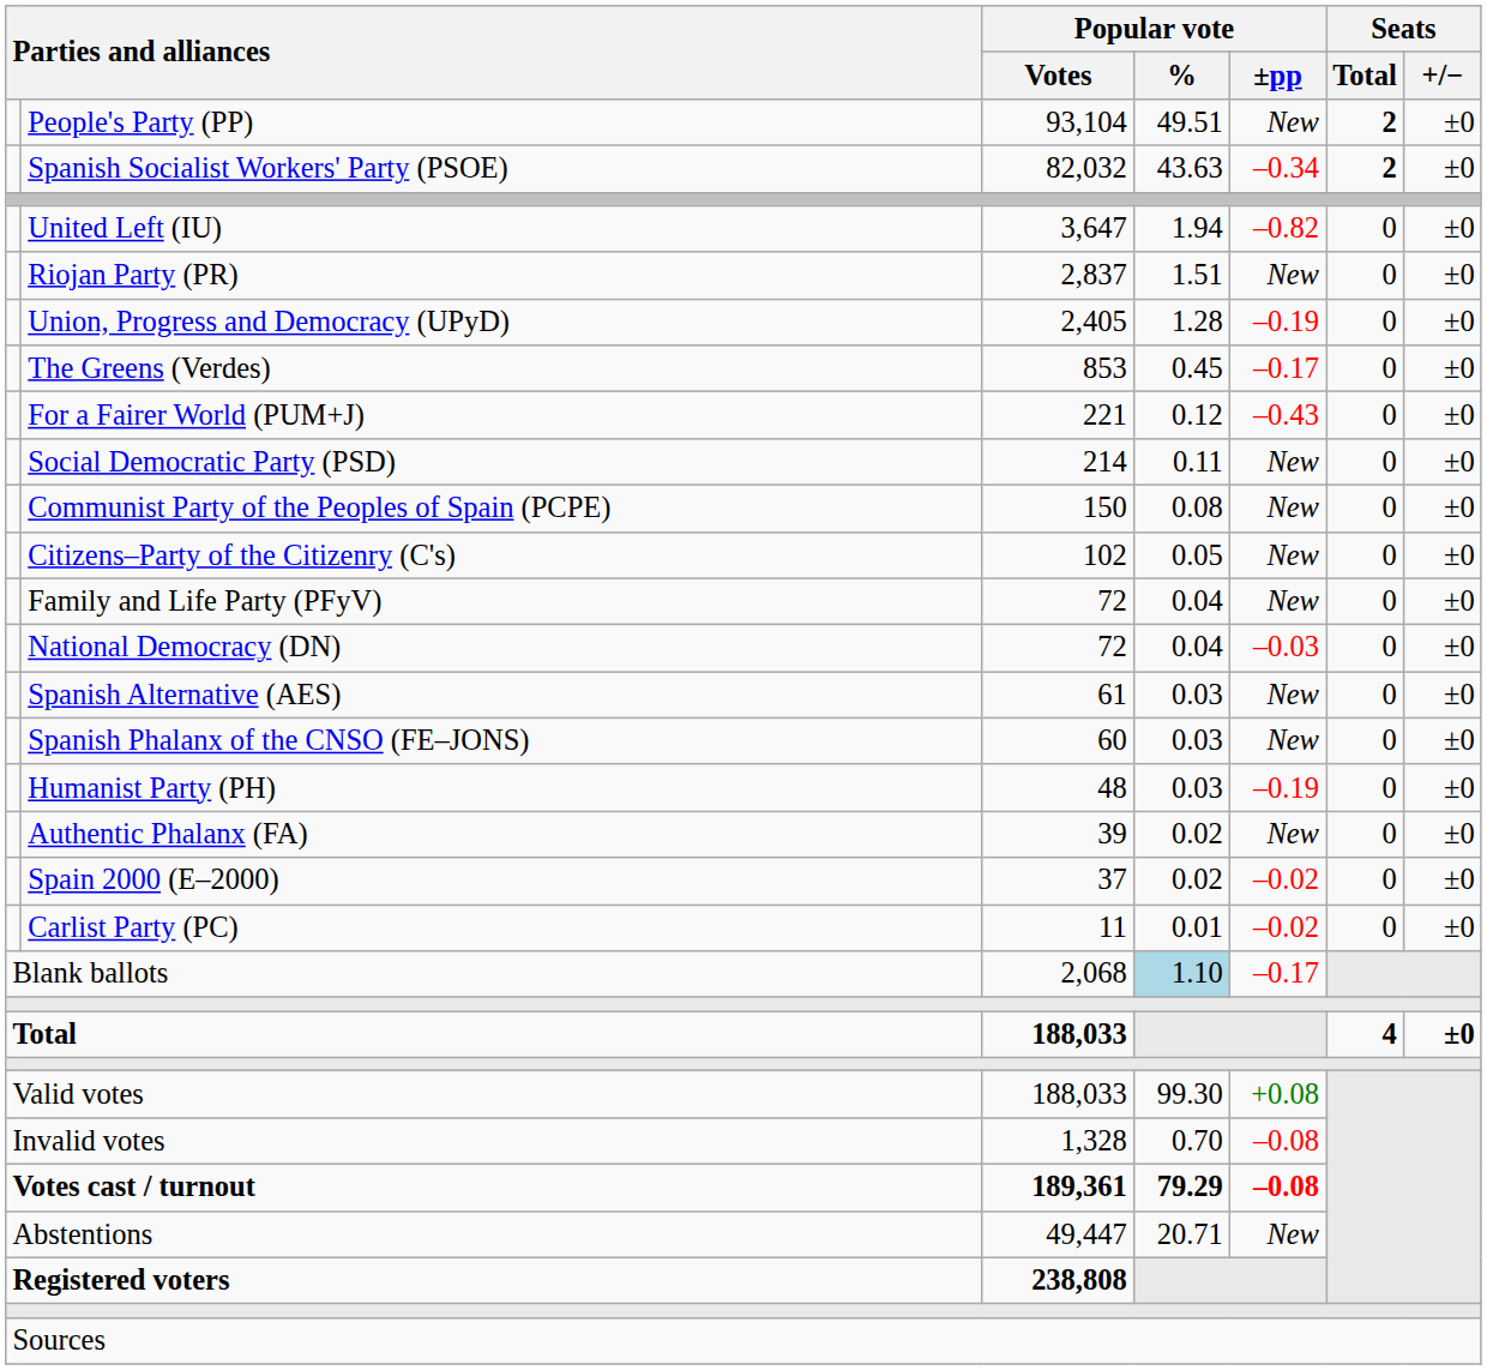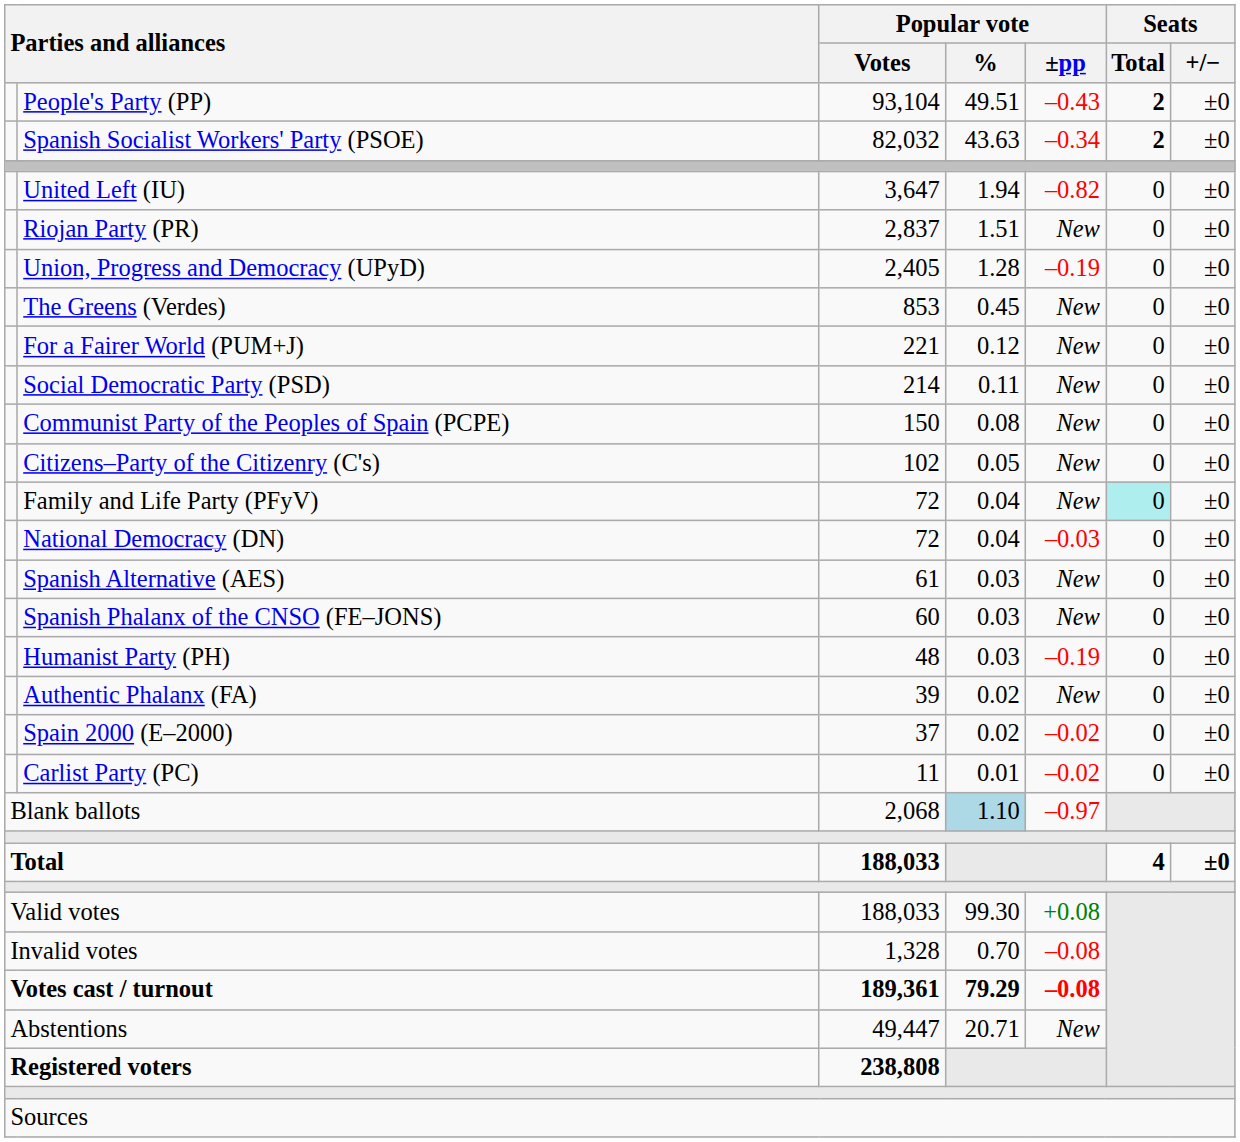 <table class="wikitable" style="text-align:right;">
 <tr>
 <th style="text-align:left;" rowspan="2" colspan="2" width="525">Parties and alliances</th>
 <th colspan="3">Popular vote</th>
 <th colspan="2">Seats</th>
 </tr>
 <tr>
 <th width="75">Votes</th>
 <th width="45">%</th>
 <th width="45">±<a href='#'>pp</a></th>
 <th width="35">Total</th>
 <th width="35">+/−</th>
 </tr>
 <tr>
 <td width="1" style="color:inherit;background:"></td>
 <td align="left"><a href='#'>People's Party</a> (PP)</td>
 <td>93,104</td>
 <td>49.51</td>
-<td><em>New</em></td>
+<td style="color:red;">–0.43</td>
 <td><strong>2</strong></td>
 <td>±0</td>
 </tr>
 <tr>
 <td style="color:inherit;background:"></td>
 <td align="left"><a href='#'>Spanish Socialist Workers' Party</a> (PSOE)</td>
 <td>82,032</td>
 <td>43.63</td>
 <td style="color:red;">–0.34</td>
 <td><strong>2</strong></td>
 <td>±0</td>
 </tr>
 <tr>
 <td colspan="7" bgcolor="#C0C0C0"></td>
 </tr>
 <tr>
 <td style="color:inherit;background:"></td>
 <td align="left"><a href='#'>United Left</a> (IU)</td>
 <td>3,647</td>
 <td>1.94</td>
 <td style="color:red;">–0.82</td>
 <td>0</td>
 <td>±0</td>
 </tr>
 <tr>
 <td style="color:inherit;background:"></td>
 <td align="left"><a href='#'>Riojan Party</a> (PR)</td>
 <td>2,837</td>
 <td>1.51</td>
 <td><em>New</em></td>
 <td>0</td>
 <td>±0</td>
 </tr>
 <tr>
 <td style="color:inherit;background:"></td>
 <td align="left"><a href='#'>Union, Progress and Democracy</a> (UPyD)</td>
 <td>2,405</td>
 <td>1.28</td>
 <td style="color:red;">–0.19</td>
 <td>0</td>
 <td>±0</td>
 </tr>
 <tr>
 <td style="color:inherit;background:"></td>
 <td align="left"><a href='#'>The Greens</a> (Verdes)</td>
 <td>853</td>
 <td>0.45</td>
-<td style="color:red;">–0.17</td>
+<td><em>New</em></td>
 <td>0</td>
 <td>±0</td>
 </tr>
 <tr>
 <td style="color:inherit;background:"></td>
 <td align="left"><a href='#'>For a Fairer World</a> (PUM+J)</td>
 <td>221</td>
 <td>0.12</td>
-<td style="color:red;">–0.43</td>
+<td><em>New</em></td>
 <td>0</td>
 <td>±0</td>
 </tr>
 <tr>
 <td style="color:inherit;background:"></td>
 <td align="left"><a href='#'>Social Democratic Party</a> (PSD)</td>
 <td>214</td>
 <td>0.11</td>
 <td><em>New</em></td>
 <td>0</td>
 <td>±0</td>
 </tr>
 <tr>
 <td style="color:inherit;background:"></td>
 <td align="left"><a href='#'>Communist Party of the Peoples of Spain</a> (PCPE)</td>
 <td>150</td>
 <td>0.08</td>
 <td><em>New</em></td>
 <td>0</td>
 <td>±0</td>
 </tr>
 <tr>
 <td style="color:inherit;background:"></td>
 <td align="left"><a href='#'>Citizens–Party of the Citizenry</a> (C's)</td>
 <td>102</td>
 <td>0.05</td>
 <td><em>New</em></td>
 <td>0</td>
 <td>±0</td>
 </tr>
 <tr>
 <td style="color:inherit;background:"></td>
 <td align="left">Family and Life Party (PFyV)</td>
 <td>72</td>
 <td>0.04</td>
 <td><em>New</em></td>
-<td>0</td>
+<td style="background: paleturquoise;">0</td>
 <td>±0</td>
 </tr>
 <tr>
 <td style="color:inherit;background:"></td>
 <td align="left"><a href='#'>National Democracy</a> (DN)</td>
 <td>72</td>
 <td>0.04</td>
 <td style="color:red;">–0.03</td>
 <td>0</td>
 <td>±0</td>
 </tr>
 <tr>
 <td style="color:inherit;background:"></td>
 <td align="left"><a href='#'>Spanish Alternative</a> (AES)</td>
 <td>61</td>
 <td>0.03</td>
 <td><em>New</em></td>
 <td>0</td>
 <td>±0</td>
 </tr>
 <tr>
 <td style="color:inherit;background:"></td>
 <td align="left"><a href='#'>Spanish Phalanx of the CNSO</a> (FE–JONS)</td>
 <td>60</td>
 <td>0.03</td>
 <td><em>New</em></td>
 <td>0</td>
 <td>±0</td>
 </tr>
 <tr>
 <td style="color:inherit;background:"></td>
 <td align="left"><a href='#'>Humanist Party</a> (PH)</td>
 <td>48</td>
 <td>0.03</td>
 <td style="color:red;">–0.19</td>
 <td>0</td>
 <td>±0</td>
 </tr>
 <tr>
 <td style="color:inherit;background:"></td>
 <td align="left"><a href='#'>Authentic Phalanx</a> (FA)</td>
 <td>39</td>
 <td>0.02</td>
 <td><em>New</em></td>
 <td>0</td>
 <td>±0</td>
 </tr>
 <tr>
 <td style="color:inherit;background:"></td>
 <td align="left"><a href='#'>Spain 2000</a> (E–2000)</td>
 <td>37</td>
 <td>0.02</td>
 <td style="color:red;">–0.02</td>
 <td>0</td>
 <td>±0</td>
 </tr>
 <tr>
 <td style="color:inherit;background:"></td>
 <td align="left"><a href='#'>Carlist Party</a> (PC)</td>
 <td>11</td>
 <td>0.01</td>
 <td style="color:red;">–0.02</td>
 <td>0</td>
 <td>±0</td>
 </tr>
 <tr>
 <td align="left" colspan="2">Blank ballots</td>
 <td>2,068</td>
 <td style="background: lightblue;">1.10</td>
-<td style="color:red;">–0.17</td>
+<td style="color:red;">–0.97</td>
 <td bgcolor="#E9E9E9" colspan="2"></td>
 </tr>
 <tr>
 <td colspan="7" bgcolor="#E9E9E9"></td>
 </tr>
 <tr style="font-weight:bold;">
 <td align="left" colspan="2">Total</td>
 <td>188,033</td>
 <td bgcolor="#E9E9E9" colspan="2"></td>
 <td>4</td>
 <td>±0</td>
 </tr>
 <tr>
 <td colspan="7" bgcolor="#E9E9E9"></td>
 </tr>
 <tr>
 <td align="left" colspan="2">Valid votes</td>
 <td>188,033</td>
 <td>99.30</td>
 <td style="color:green;">+0.08</td>
 <td bgcolor="#E9E9E9" colspan="2" rowspan="5"></td>
 </tr>
 <tr>
 <td align="left" colspan="2">Invalid votes</td>
 <td>1,328</td>
 <td>0.70</td>
 <td style="color:red;">–0.08</td>
 </tr>
 <tr style="font-weight:bold;">
 <td align="left" colspan="2">Votes cast / turnout</td>
 <td>189,361</td>
 <td>79.29</td>
 <td style="color:red;">–0.08</td>
 </tr>
 <tr>
 <td align="left" colspan="2">Abstentions</td>
 <td>49,447</td>
 <td>20.71</td>
 <td><em>New</em></td>
 </tr>
 <tr style="font-weight:bold;">
 <td align="left" colspan="2">Registered voters</td>
 <td>238,808</td>
 <td bgcolor="#E9E9E9" colspan="2"></td>
 </tr>
 <tr>
 <td colspan="7" bgcolor="#E9E9E9"></td>
 </tr>
 <tr>
 <td align="left" colspan="7">Sources</td>
 </tr>
 </table>
